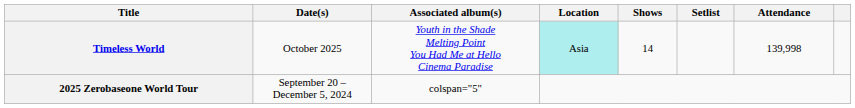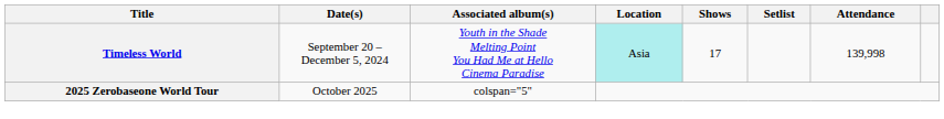 <table class="wikitable plainrowheaders sortable" style="text-align:center" width="100%">
 <tr>
 <th scope="col">Title</th>
 <th scope="col" width="14%">Date(s)</th>
 <th scope="col">Associated album(s)</th>
 <th scope="col">Location</th>
 <th scope="col">Shows</th>
 <th scope="col">Setlist</th>
 <th scope="col">Attendance</th>
 <th scope="col" width="2%" class="unsortable"></th>
 </tr>
 <tr>
 <th scope="row"><a href='#'>Timeless World</a></th>
-<td>October 2025</td>
+<td>September 20 – December 5, 2024</td>
 <td><em><a href='#'>Youth in the Shade</a></em><br><em><a href='#'>Melting Point</a></em><br><em><a href='#'>You Had Me at Hello</a></em><br><em><a href='#'>Cinema Paradise</a></em></td>
 <td style="background: paleturquoise;">Asia</td>
-<td>14</td>
+<td>17</td>
 <td></td>
 <td>139,998</td>
 <td></td>
 </tr>
 <tr>
 <th scope="row">2025 Zerobaseone World Tour</th>
-<td>September 20 – December 5, 2024</td>
+<td>October 2025</td>
 <td>colspan="5" </td>
 </tr>
 </table>
